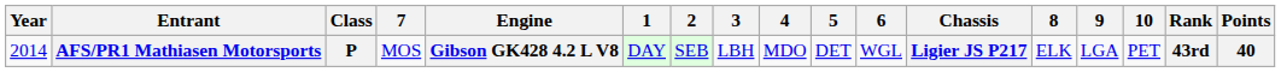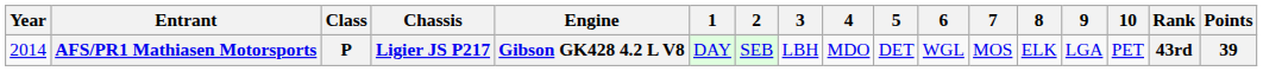 <table class="wikitable" style="text-align:center; font-size:85%">
 <tr>
 <th>Year</th>
 <th>Entrant</th>
 <th>Class</th>
-<th>7</th>
+<th>Chassis</th>
 <th>Engine</th>
 <th>1</th>
 <th>2</th>
 <th>3</th>
 <th>4</th>
 <th>5</th>
 <th>6</th>
-<th>Chassis</th>
+<th>7</th>
 <th>8</th>
 <th>9</th>
 <th>10</th>
 <th>Rank</th>
 <th>Points</th>
 </tr>
 <tr>
 <td rowspan=1><a href='#'>2014</a></td>
 <th rowspan=1 nowrap><a href='#'>AFS/PR1 Mathiasen Motorsports</a></th>
 <th rowspan=1>P</th>
-<td><a href='#'>MOS</a><br></td>
+<th nowrap><a href='#'>Ligier JS P217</a></th>
 <th nowrap><a href='#'>Gibson</a> GK428 4.2 L V8</th>
 <td style="background:#DFFFDF;"><a href='#'>DAY</a><br></td>
 <td style="background:#DFFFDF;"><a href='#'>SEB</a><br></td>
 <td><a href='#'>LBH</a><br></td>
 <td><a href='#'>MDO</a><br></td>
 <td><a href='#'>DET</a><br></td>
 <td><a href='#'>WGL</a><br></td>
-<th nowrap><a href='#'>Ligier JS P217</a></th>
+<td><a href='#'>MOS</a><br></td>
 <td><a href='#'>ELK</a><br></td>
 <td><a href='#'>LGA</a><br></td>
 <td><a href='#'>PET</a><br></td>
 <th rowspan=1>43rd</th>
-<th rowspan=1>40</th>
+<th rowspan=1>39</th>
 </tr>
 </table>
